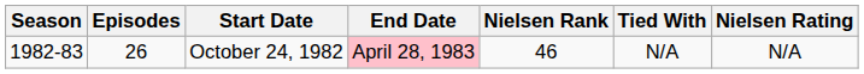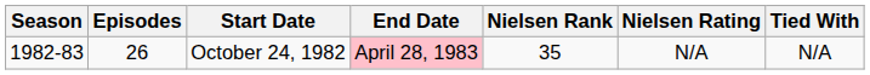 <table class="wikitable" style="text-align: center">
 <tr>
 <th>Season</th>
 <th>Episodes</th>
 <th>Start Date</th>
 <th>End Date</th>
 <th>Nielsen Rank</th>
+<th>Nielsen Rating</th>
 <th>Tied With</th>
-<th>Nielsen Rating</th>
 </tr>
 <tr>
 <td style="text-align:center">1982-83</td>
 <td style="text-align:center">26</td>
 <td style="text-align:center">October 24, 1982</td>
 <td style="background: pink; text-align:center">April 28, 1983</td>
-<td style="text-align:center:">46</td>
+<td style="text-align:center:">35</td>
 <td style="text-align:center">N/A</td>
 <td style="text-align:center">N/A</td>
 </tr>
 </table>
